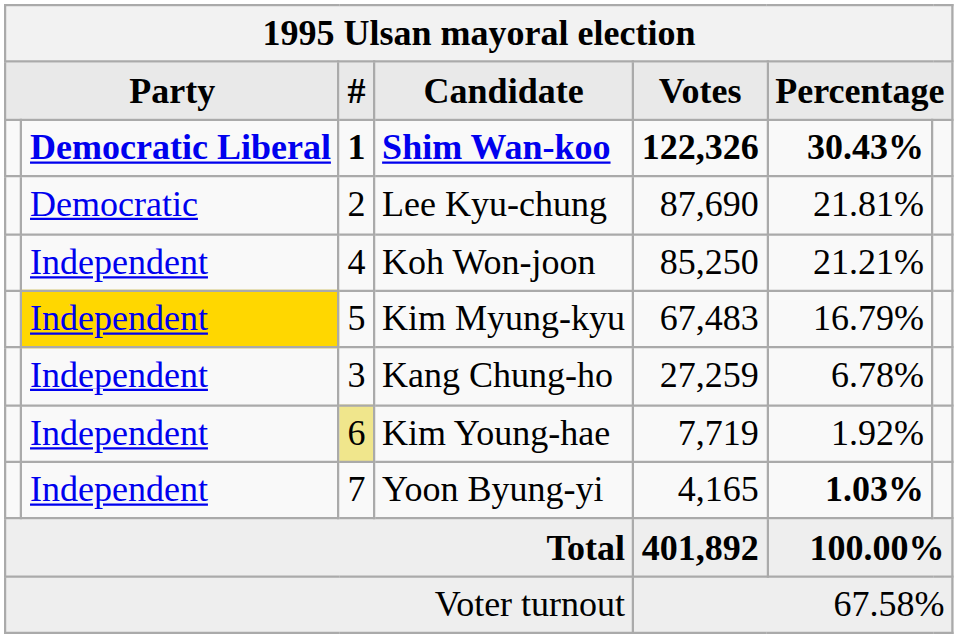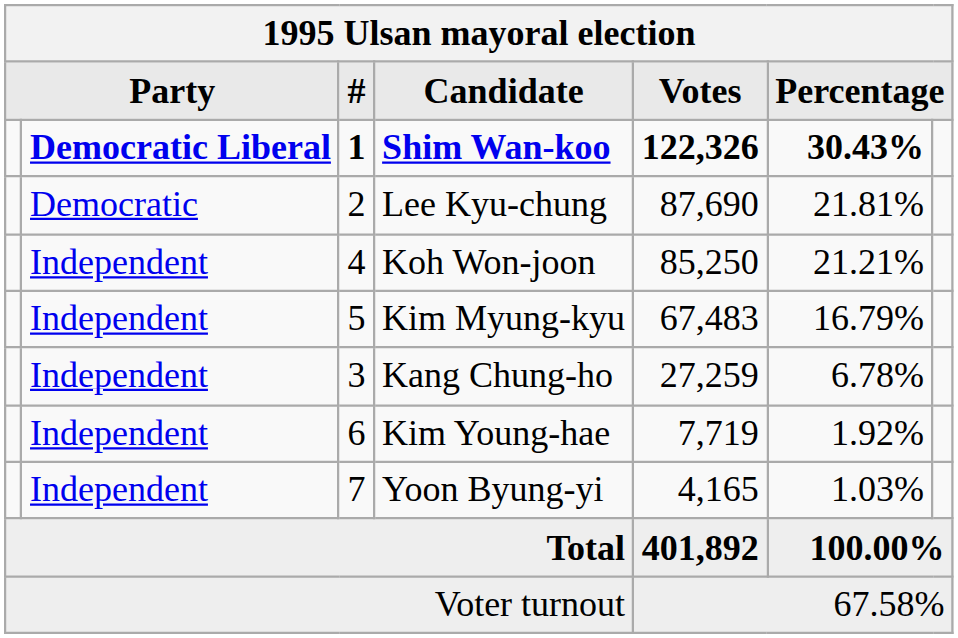 <table class="wikitable">
 <tr>
 <th colspan="7">1995 Ulsan mayoral election</th>
 </tr>
 <tr>
 <th style="background-color:#E9E9E9" colspan=2>Party</th>
 <th style="background-color:#E9E9E9">#</th>
 <th style="background-color:#E9E9E9">Candidate</th>
 <th style="background-color:#E9E9E9">Votes</th>
 <th style="background-color:#E9E9E9" colspan=2>Percentage</th>
 </tr>
 <tr style="font-weight:bold">
 <td></td>
 <td align=left><a href='#'>Democratic Liberal</a></td>
 <td align=center>1</td>
 <td align=left><a href='#'>Shim Wan-koo</a></td>
 <td align=right>122,326</td>
 <td align=right>30.43%</td>
 <td align=right></td>
 </tr>
 <tr>
 <td></td>
 <td align=left><a href='#'>Democratic</a></td>
 <td align=center>2</td>
 <td align=left>Lee Kyu-chung</td>
 <td align=right>87,690</td>
 <td align=right>21.81%</td>
 <td align=right></td>
 </tr>
 <tr>
 <td></td>
 <td align=left><a href='#'>Independent</a></td>
 <td align=center>4</td>
 <td align=left>Koh Won-joon</td>
 <td align=right>85,250</td>
 <td align=right>21.21%</td>
 <td align=right></td>
 </tr>
 <tr>
 <td></td>
-<td align=left style="background: gold;"><a href='#'>Independent</a></td>
+<td align=left><a href='#'>Independent</a></td>
 <td align=center>5</td>
 <td align=left>Kim Myung-kyu</td>
 <td align=right>67,483</td>
 <td align=right>16.79%</td>
 <td align=right></td>
 </tr>
 <tr>
 <td></td>
 <td align=left><a href='#'>Independent</a></td>
 <td align=center>3</td>
 <td align=left>Kang Chung-ho</td>
 <td align=right>27,259</td>
 <td align=right>6.78%</td>
 <td align=right></td>
 </tr>
 <tr>
 <td></td>
 <td align=left><a href='#'>Independent</a></td>
-<td align=center style="background: khaki;">6</td>
+<td align=center>6</td>
 <td align=left>Kim Young-hae</td>
 <td align=right>7,719</td>
 <td align=right>1.92%</td>
 <td align=right></td>
 </tr>
 <tr>
 <td></td>
 <td align=left><a href='#'>Independent</a></td>
 <td align=center>7</td>
 <td align=left>Yoon Byung-yi</td>
 <td align=right>4,165</td>
-<td align=right><strong>1.03%</strong></td>
+<td align=right>1.03%</td>
 <td align=right></td>
 </tr>
 <tr bgcolor="#EEEEEE" style="font-weight:bold">
 <td colspan="4" align=right>Total</td>
 <td align=right>401,892</td>
 <td align=right colspan=2>100.00%</td>
 </tr>
 <tr bgcolor="#EEEEEE">
 <td colspan="4" align="right">Voter turnout</td>
 <td colspan="3" align="right">67.58%</td>
 </tr>
 </table>
